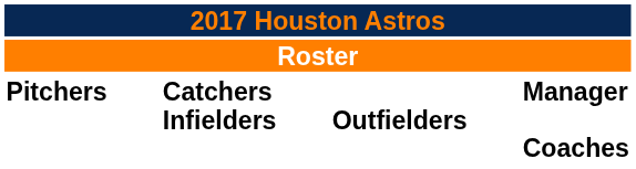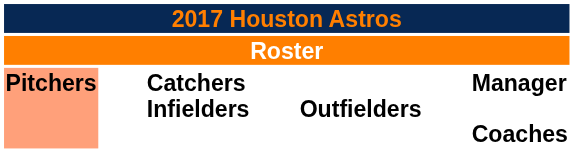 <table class="toccolours" style="font-size: 95%;">
 <tr>
 <th colspan="10" style="background:#072854; color:#FF7F00; text-align:center;">2017 Houston Astros</th>
 </tr>
 <tr>
 <td colspan="10" style="background:#FF7F00; color:white; text-align:center;"><strong>Roster</strong></td>
 </tr>
 <tr>
-<td valign="top"><strong>Pitchers</strong><br>                       </td>
+<td valign="top" style="background: lightsalmon;"><strong>Pitchers</strong><br>                       </td>
 <td style="width:25px;"></td>
 <td valign="top"><strong>Catchers</strong><br>    <strong>Infielders</strong>         </td>
 <td style="width:25px;"></td>
 <td valign="top"><br><strong>Outfielders</strong>         </td>
 <td style="width:25px;"></td>
 <td valign="top"><strong>Manager</strong><br><br><strong>Coaches</strong>                  </td>
 </tr>
 </table>
